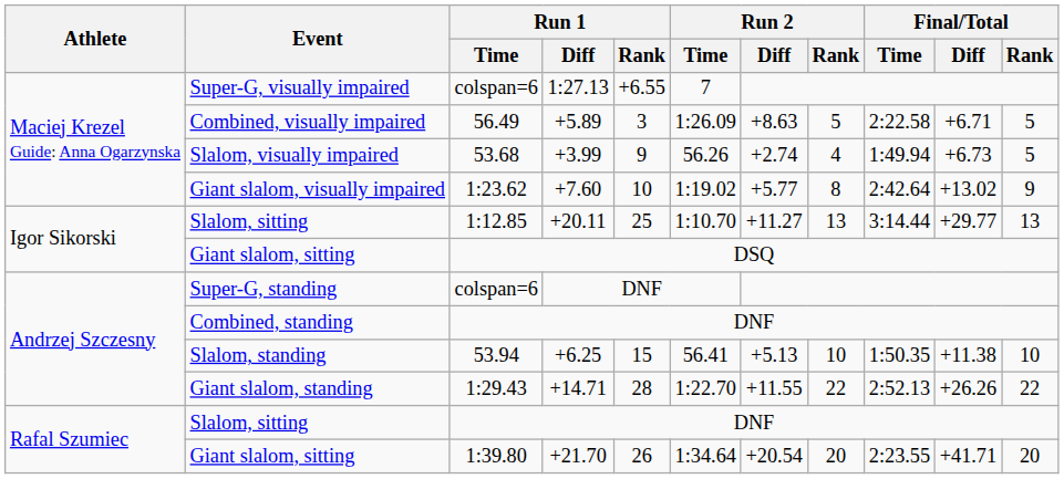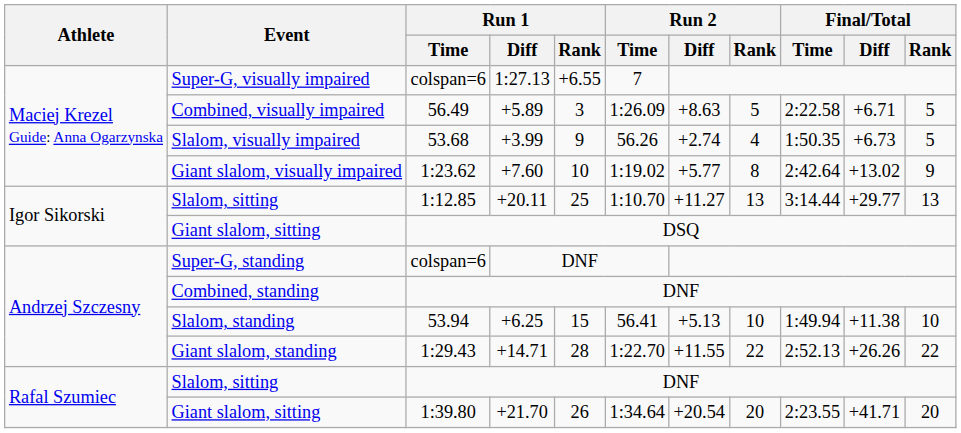 <table class="wikitable" style="font-size:90%">
 <tr>
 <th rowspan="2">Athlete</th>
 <th rowspan="2">Event</th>
 <th colspan="3">Run 1</th>
 <th colspan="3">Run 2</th>
 <th colspan="3">Final/Total</th>
 </tr>
 <tr>
 <th>Time</th>
 <th>Diff</th>
 <th>Rank</th>
 <th>Time</th>
 <th>Diff</th>
 <th>Rank</th>
 <th>Time</th>
 <th>Diff</th>
 <th>Rank</th>
 </tr>
 <tr>
 <td rowspan=4><a href='#'>Maciej Krezel</a><br><small><a href='#'>Guide</a>: <a href='#'>Anna Ogarzynska</a></small></td>
 <td><a href='#'>Super-G, visually impaired</a></td>
 <td>colspan=6 </td>
 <td align="center">1:27.13</td>
 <td align="center">+6.55</td>
 <td align="center">7</td>
 </tr>
 <tr>
 <td><a href='#'>Combined, visually impaired</a></td>
 <td align="center">56.49</td>
 <td align="center">+5.89</td>
 <td align="center">3</td>
 <td align="center">1:26.09</td>
 <td align="center">+8.63</td>
 <td align="center">5</td>
 <td align="center">2:22.58</td>
 <td align="center">+6.71</td>
 <td align="center">5</td>
 </tr>
 <tr>
 <td><a href='#'>Slalom, visually impaired</a></td>
 <td align="center">53.68</td>
 <td align="center">+3.99</td>
 <td align="center">9</td>
 <td align="center">56.26</td>
 <td align="center">+2.74</td>
 <td align="center">4</td>
-<td align="center">1:49.94</td>
+<td align="center">1:50.35</td>
 <td align="center">+6.73</td>
 <td align="center">5</td>
 </tr>
 <tr>
 <td><a href='#'>Giant slalom, visually impaired</a></td>
 <td align="center">1:23.62</td>
 <td align="center">+7.60</td>
 <td align="center">10</td>
 <td align="center">1:19.02</td>
 <td align="center">+5.77</td>
 <td align="center">8</td>
 <td align="center">2:42.64</td>
 <td align="center">+13.02</td>
 <td align="center">9</td>
 </tr>
 <tr>
 <td rowspan=2>Igor Sikorski</td>
 <td><a href='#'>Slalom, sitting</a></td>
 <td align="center">1:12.85</td>
 <td align="center">+20.11</td>
 <td align="center">25</td>
 <td align="center">1:10.70</td>
 <td align="center">+11.27</td>
 <td align="center">13</td>
 <td align="center">3:14.44</td>
 <td align="center">+29.77</td>
 <td align="center">13</td>
 </tr>
 <tr>
 <td><a href='#'>Giant slalom, sitting</a></td>
 <td align="center" colspan=9>DSQ</td>
 </tr>
 <tr>
 <td rowspan=4><a href='#'>Andrzej Szczesny</a></td>
 <td><a href='#'>Super-G, standing</a></td>
 <td>colspan=6 </td>
 <td align="center" colspan=3>DNF</td>
 </tr>
 <tr>
 <td><a href='#'>Combined, standing</a></td>
 <td align="center" colspan=9>DNF</td>
 </tr>
 <tr>
 <td><a href='#'>Slalom, standing</a></td>
 <td align="center">53.94</td>
 <td align="center">+6.25</td>
 <td align="center">15</td>
 <td align="center">56.41</td>
 <td align="center">+5.13</td>
 <td align="center">10</td>
-<td align="center">1:50.35</td>
+<td align="center">1:49.94</td>
 <td align="center">+11.38</td>
 <td align="center">10</td>
 </tr>
 <tr>
 <td><a href='#'>Giant slalom, standing</a></td>
 <td align="center">1:29.43</td>
 <td align="center">+14.71</td>
 <td align="center">28</td>
 <td align="center">1:22.70</td>
 <td align="center">+11.55</td>
 <td align="center">22</td>
 <td align="center">2:52.13</td>
 <td align="center">+26.26</td>
 <td align="center">22</td>
 </tr>
 <tr>
 <td rowspan=2><a href='#'>Rafal Szumiec</a></td>
 <td><a href='#'>Slalom, sitting</a></td>
 <td align="center" colspan=9>DNF</td>
 </tr>
 <tr>
 <td><a href='#'>Giant slalom, sitting</a></td>
 <td align="center">1:39.80</td>
 <td align="center">+21.70</td>
 <td align="center">26</td>
 <td align="center">1:34.64</td>
 <td align="center">+20.54</td>
 <td align="center">20</td>
 <td align="center">2:23.55</td>
 <td align="center">+41.71</td>
 <td align="center">20</td>
 </tr>
 </table>
